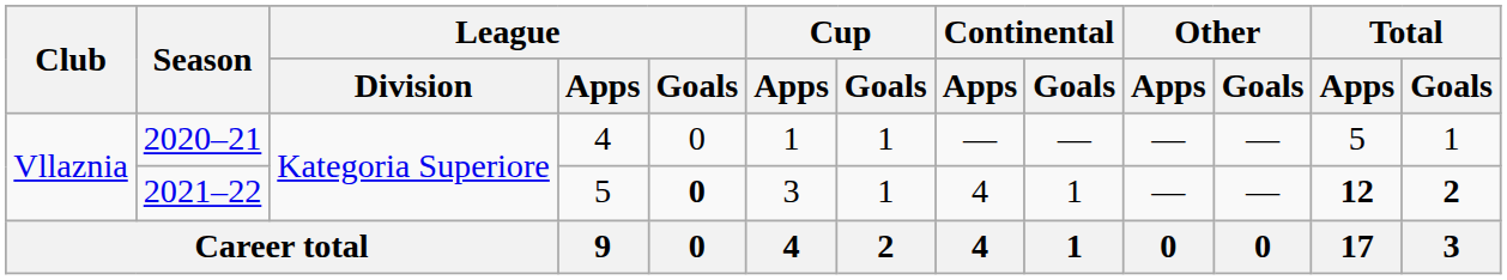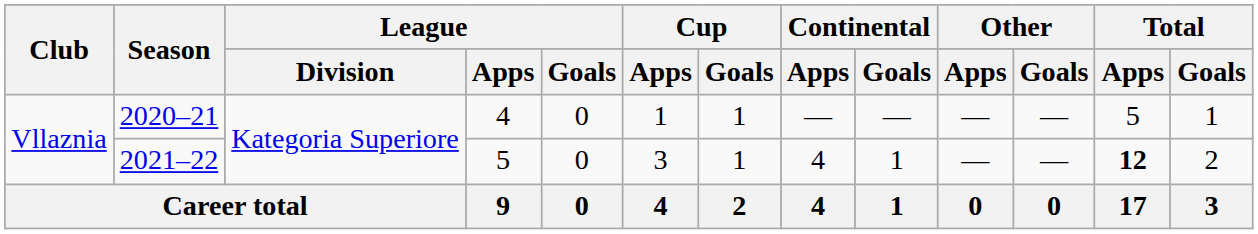 <table class=wikitable style=text-align:center>
 <tr>
 <th rowspan=2>Club</th>
 <th rowspan=2>Season</th>
 <th colspan=3>League</th>
 <th colspan=2>Cup</th>
 <th colspan=2>Continental</th>
 <th colspan=2>Other</th>
 <th colspan=2>Total</th>
 </tr>
 <tr>
 <th>Division</th>
 <th>Apps</th>
 <th>Goals</th>
 <th>Apps</th>
 <th>Goals</th>
 <th>Apps</th>
 <th>Goals</th>
 <th>Apps</th>
 <th>Goals</th>
 <th>Apps</th>
 <th>Goals</th>
 </tr>
 <tr>
 <td rowspan=2><a href='#'>Vllaznia</a></td>
 <td><a href='#'>2020–21</a></td>
 <td rowspan=2><a href='#'>Kategoria Superiore</a></td>
 <td>4</td>
 <td>0</td>
 <td>1</td>
 <td>1</td>
 <td>—</td>
 <td>—</td>
 <td>—</td>
 <td>—</td>
 <td>5</td>
 <td>1</td>
 </tr>
 <tr>
 <td><a href='#'>2021–22</a></td>
 <td>5</td>
-<td><strong>0</strong></td>
+<td>0</td>
 <td>3</td>
 <td>1</td>
 <td>4</td>
 <td>1</td>
 <td>—</td>
 <td>—</td>
 <td><strong>12</strong></td>
-<td><strong>2</strong></td>
+<td>2</td>
 </tr>
 <tr>
 <th colspan=3>Career total</th>
 <th>9</th>
 <th>0</th>
 <th>4</th>
 <th>2</th>
 <th>4</th>
 <th>1</th>
 <th>0</th>
 <th>0</th>
 <th>17</th>
 <th>3</th>
 </tr>
 </table>
